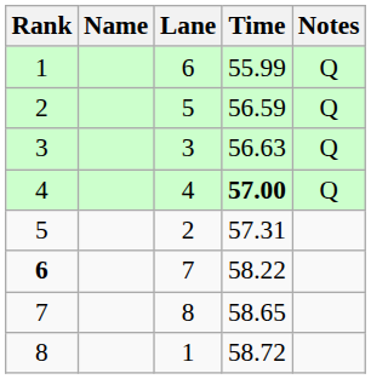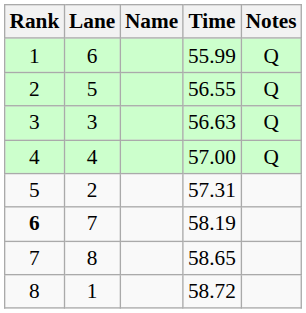 <table class="wikitable sortable" style="text-align:center">
 <tr>
 <th>Rank</th>
+<th>Lane</th>
 <th>Name</th>
-<th>Lane</th>
 <th>Time</th>
 <th>Notes</th>
 </tr>
 <tr bgcolor=ccffcc>
 <td>1</td>
+<td>6</td>
 <td align=left></td>
-<td>6</td>
 <td>55.99</td>
 <td>Q</td>
 </tr>
 <tr bgcolor=ccffcc>
 <td>2</td>
+<td>5</td>
 <td align=left></td>
-<td>5</td>
-<td>56.59</td>
+<td>56.55</td>
 <td>Q</td>
 </tr>
 <tr bgcolor=ccffcc>
 <td>3</td>
+<td>3</td>
 <td align=left></td>
-<td>3</td>
 <td>56.63</td>
 <td>Q</td>
 </tr>
 <tr bgcolor=ccffcc>
 <td>4</td>
+<td>4</td>
 <td align=left></td>
-<td>4</td>
-<td><strong>57.00</strong></td>
+<td>57.00</td>
 <td>Q</td>
 </tr>
 <tr>
 <td>5</td>
+<td>2</td>
 <td align=left></td>
-<td>2</td>
 <td>57.31</td>
 <td></td>
 </tr>
 <tr>
 <td><strong>6</strong></td>
+<td>7</td>
 <td align=left></td>
-<td>7</td>
-<td>58.22</td>
+<td>58.19</td>
 <td></td>
 </tr>
 <tr>
 <td>7</td>
+<td>8</td>
 <td align=left></td>
-<td>8</td>
 <td>58.65</td>
 <td></td>
 </tr>
 <tr>
 <td>8</td>
+<td>1</td>
 <td align=left></td>
-<td>1</td>
 <td>58.72</td>
 <td></td>
 </tr>
 </table>
